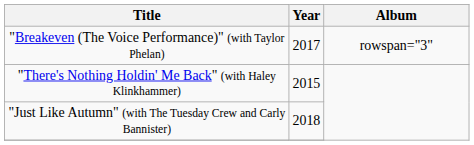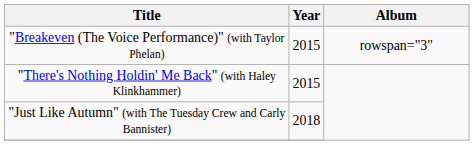 <table class="wikitable plainrowheaders" style="text-align:center;">
 <tr>
 <th style="width:20em;">Title</th>
 <th style="width:1em;">Year</th>
 <th style="width:10em;">Album</th>
 </tr>
 <tr>
 <td>"<a href='#'>Breakeven</a> (The Voice Performance)" <small>(with Taylor Phelan)</small></td>
-<td>2017</td>
+<td>2015</td>
 <td>rowspan="3" </td>
 </tr>
 <tr>
 <td>"<a href='#'>There's Nothing Holdin' Me Back</a>" <small>(with Haley Klinkhammer)</small></td>
 <td>2015</td>
 </tr>
 <tr>
 <td>"Just Like Autumn" <small>(with The Tuesday Crew and Carly Bannister)</small></td>
 <td>2018</td>
 </tr>
 <tr>
 </tr>
 </table>
